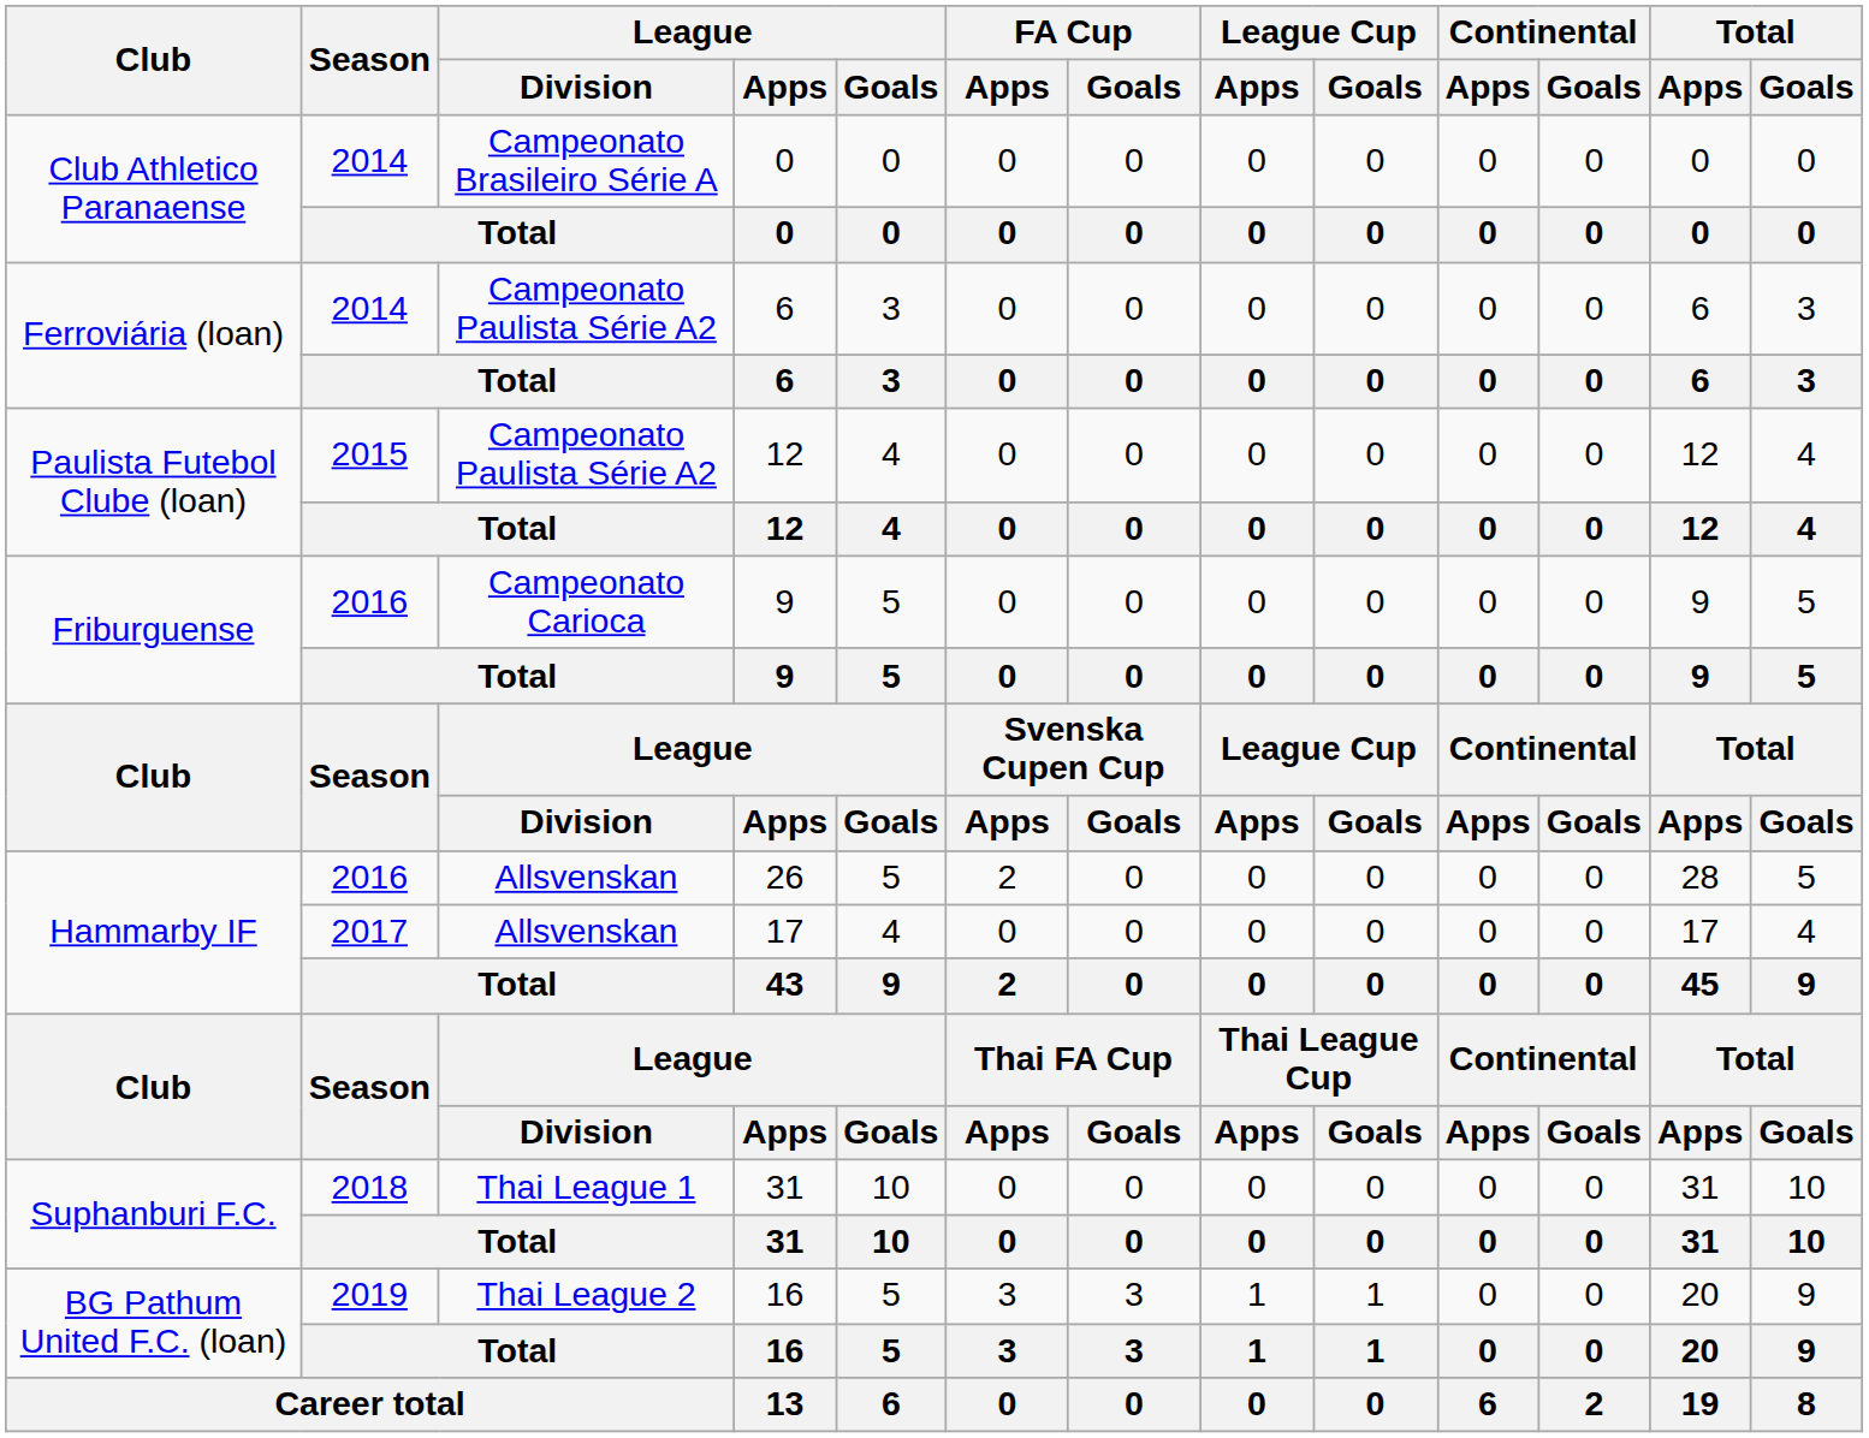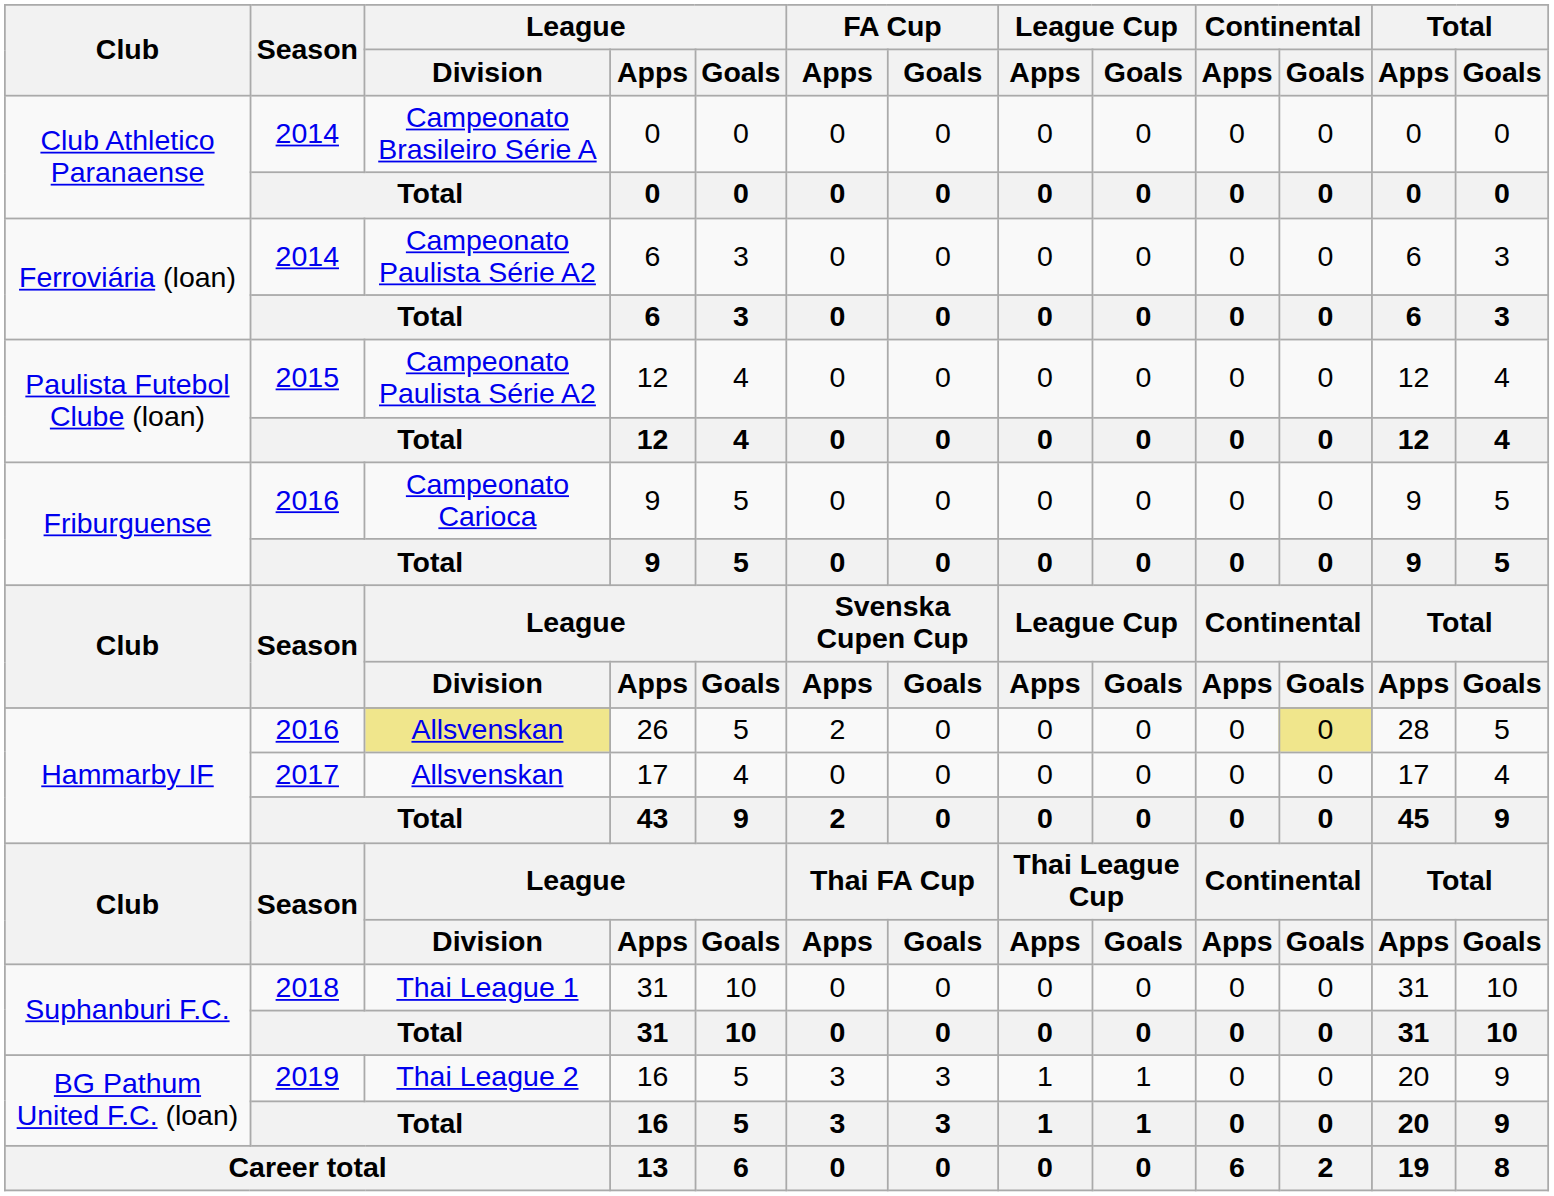 <table class="wikitable" style="text-align: center">
 <tr>
 <th rowspan="2">Club</th>
 <th rowspan="2">Season</th>
 <th colspan="3">League</th>
 <th colspan="2">FA Cup</th>
 <th colspan="2">League Cup</th>
 <th colspan="2">Continental</th>
 <th colspan="2">Total</th>
 </tr>
 <tr>
 <th>Division</th>
 <th>Apps</th>
 <th>Goals</th>
 <th>Apps</th>
 <th>Goals</th>
 <th>Apps</th>
 <th>Goals</th>
 <th>Apps</th>
 <th>Goals</th>
 <th>Apps</th>
 <th>Goals</th>
 </tr>
 <tr>
 <td rowspan="2"><a href='#'>Club Athletico Paranaense</a></td>
 <td><a href='#'>2014</a></td>
 <td><a href='#'>Campeonato Brasileiro Série A</a></td>
 <td>0</td>
 <td>0</td>
 <td>0</td>
 <td>0</td>
 <td>0</td>
 <td>0</td>
 <td>0</td>
 <td>0</td>
 <td>0</td>
 <td>0</td>
 </tr>
 <tr>
 <th colspan=2>Total</th>
 <th>0</th>
 <th>0</th>
 <th>0</th>
 <th>0</th>
 <th>0</th>
 <th>0</th>
 <th>0</th>
 <th>0</th>
 <th>0</th>
 <th>0</th>
 </tr>
 <tr>
 <td rowspan="2"><a href='#'>Ferroviária</a> (loan)</td>
 <td><a href='#'>2014</a></td>
 <td><a href='#'>Campeonato Paulista Série A2</a></td>
 <td>6</td>
 <td>3</td>
 <td>0</td>
 <td>0</td>
 <td>0</td>
 <td>0</td>
 <td>0</td>
 <td>0</td>
 <td>6</td>
 <td>3</td>
 </tr>
 <tr>
 <th colspan=2>Total</th>
 <th>6</th>
 <th>3</th>
 <th>0</th>
 <th>0</th>
 <th>0</th>
 <th>0</th>
 <th>0</th>
 <th>0</th>
 <th>6</th>
 <th>3</th>
 </tr>
 <tr>
 <td rowspan="2"><a href='#'>Paulista Futebol Clube</a> (loan)</td>
 <td><a href='#'>2015</a></td>
 <td><a href='#'>Campeonato Paulista Série A2</a></td>
 <td>12</td>
 <td>4</td>
 <td>0</td>
 <td>0</td>
 <td>0</td>
 <td>0</td>
 <td>0</td>
 <td>0</td>
 <td>12</td>
 <td>4</td>
 </tr>
 <tr>
 <th colspan=2>Total</th>
 <th>12</th>
 <th>4</th>
 <th>0</th>
 <th>0</th>
 <th>0</th>
 <th>0</th>
 <th>0</th>
 <th>0</th>
 <th>12</th>
 <th>4</th>
 </tr>
 <tr>
 <td rowspan="2"><a href='#'>Friburguense</a></td>
 <td><a href='#'>2016</a></td>
 <td><a href='#'>Campeonato Carioca</a></td>
 <td>9</td>
 <td>5</td>
 <td>0</td>
 <td>0</td>
 <td>0</td>
 <td>0</td>
 <td>0</td>
 <td>0</td>
 <td>9</td>
 <td>5</td>
 </tr>
 <tr>
 <th colspan=2>Total</th>
 <th>9</th>
 <th>5</th>
 <th>0</th>
 <th>0</th>
 <th>0</th>
 <th>0</th>
 <th>0</th>
 <th>0</th>
 <th>9</th>
 <th>5</th>
 </tr>
 <tr>
 <th rowspan="2">Club</th>
 <th rowspan="2">Season</th>
 <th colspan="3">League</th>
 <th colspan="2">Svenska Cupen Cup</th>
 <th colspan="2">League Cup</th>
 <th colspan="2">Continental</th>
 <th colspan="2">Total</th>
 </tr>
 <tr>
 <th>Division</th>
 <th>Apps</th>
 <th>Goals</th>
 <th>Apps</th>
 <th>Goals</th>
 <th>Apps</th>
 <th>Goals</th>
 <th>Apps</th>
 <th>Goals</th>
 <th>Apps</th>
 <th>Goals</th>
 </tr>
 <tr>
 <td rowspan="3"><a href='#'>Hammarby IF</a></td>
 <td><a href='#'>2016</a></td>
-<td><a href='#'>Allsvenskan</a></td>
+<td style="background: khaki;"><a href='#'>Allsvenskan</a></td>
 <td>26</td>
 <td>5</td>
 <td>2</td>
 <td>0</td>
 <td>0</td>
 <td>0</td>
 <td>0</td>
-<td>0</td>
+<td style="background: khaki;">0</td>
 <td>28</td>
 <td>5</td>
 </tr>
 <tr>
 <td><a href='#'>2017</a></td>
 <td><a href='#'>Allsvenskan</a></td>
 <td>17</td>
 <td>4</td>
 <td>0</td>
 <td>0</td>
 <td>0</td>
 <td>0</td>
 <td>0</td>
 <td>0</td>
 <td>17</td>
 <td>4</td>
 </tr>
 <tr>
 <th colspan=2>Total</th>
 <th>43</th>
 <th>9</th>
 <th>2</th>
 <th>0</th>
 <th>0</th>
 <th>0</th>
 <th>0</th>
 <th>0</th>
 <th>45</th>
 <th>9</th>
 </tr>
 <tr>
 <th rowspan="2">Club</th>
 <th rowspan="2">Season</th>
 <th colspan="3">League</th>
 <th colspan="2">Thai FA Cup</th>
 <th colspan="2">Thai League Cup</th>
 <th colspan="2">Continental</th>
 <th colspan="2">Total</th>
 </tr>
 <tr>
 <th>Division</th>
 <th>Apps</th>
 <th>Goals</th>
 <th>Apps</th>
 <th>Goals</th>
 <th>Apps</th>
 <th>Goals</th>
 <th>Apps</th>
 <th>Goals</th>
 <th>Apps</th>
 <th>Goals</th>
 </tr>
 <tr>
 <td rowspan="2"><a href='#'>Suphanburi F.C.</a></td>
 <td><a href='#'>2018</a></td>
 <td><a href='#'>Thai League 1</a></td>
 <td>31</td>
 <td>10</td>
 <td>0</td>
 <td>0</td>
 <td>0</td>
 <td>0</td>
 <td>0</td>
 <td>0</td>
 <td>31</td>
 <td>10</td>
 </tr>
 <tr>
 <th colspan=2>Total</th>
 <th>31</th>
 <th>10</th>
 <th>0</th>
 <th>0</th>
 <th>0</th>
 <th>0</th>
 <th>0</th>
 <th>0</th>
 <th>31</th>
 <th>10</th>
 </tr>
 <tr>
 <td rowspan="2"><a href='#'>BG Pathum United F.C.</a> (loan)</td>
 <td><a href='#'>2019</a></td>
 <td><a href='#'>Thai League 2</a></td>
 <td>16</td>
 <td>5</td>
 <td>3</td>
 <td>3</td>
 <td>1</td>
 <td>1</td>
 <td>0</td>
 <td>0</td>
 <td>20</td>
 <td>9</td>
 </tr>
 <tr>
 <th colspan=2>Total</th>
 <th>16</th>
 <th>5</th>
 <th>3</th>
 <th>3</th>
 <th>1</th>
 <th>1</th>
 <th>0</th>
 <th>0</th>
 <th>20</th>
 <th>9</th>
 </tr>
 <tr>
 <th colspan=3>Career total</th>
 <th>13</th>
 <th>6</th>
 <th>0</th>
 <th>0</th>
 <th>0</th>
 <th>0</th>
 <th>6</th>
 <th>2</th>
 <th>19</th>
 <th>8</th>
 </tr>
 </table>
